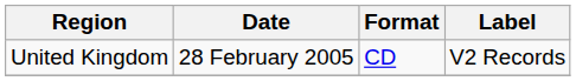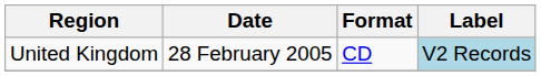 <table class=wikitable>
 <tr>
 <th>Region</th>
 <th>Date</th>
 <th>Format</th>
 <th>Label</th>
 </tr>
 <tr>
 <td>United Kingdom</td>
 <td>28 February 2005</td>
 <td><a href='#'>CD</a></td>
-<td>V2 Records</td>
+<td style="background: lightblue;">V2 Records</td>
 </tr>
 <tr>
 </tr>
 </table>
